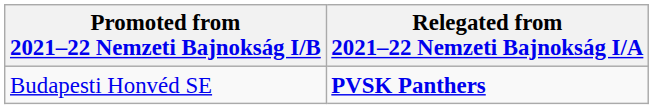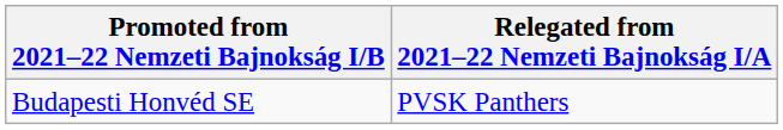 <table class="wikitable">
 <tr>
 <th>Promoted from<br><a href='#'>2021–22 Nemzeti Bajnokság I/B</a></th>
 <th>Relegated from<br><a href='#'>2021–22 Nemzeti Bajnokság I/A</a></th>
 </tr>
 <tr>
 <td><a href='#'>Budapesti Honvéd SE</a></td>
-<td><strong><a href='#'>PVSK Panthers</a></strong></td>
+<td><a href='#'>PVSK Panthers</a></td>
 </tr>
 </table>
